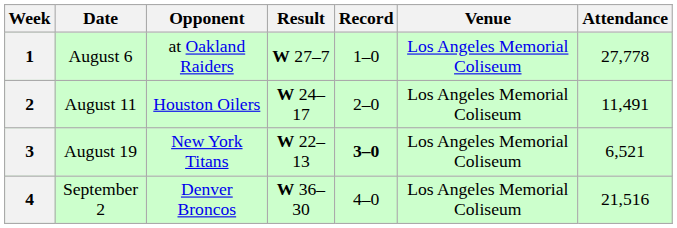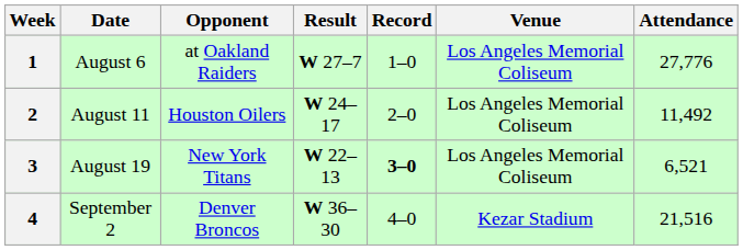 <table class="wikitable" style="text-align:center">
 <tr>
 <th>Week</th>
 <th>Date</th>
 <th>Opponent</th>
 <th>Result</th>
 <th>Record</th>
 <th>Venue</th>
 <th>Attendance</th>
 </tr>
 <tr style="background:#cfc">
 <th>1</th>
 <td>August 6</td>
 <td>at <a href='#'>Oakland Raiders</a></td>
 <td><strong>W</strong> 27–7</td>
 <td>1–0</td>
 <td><a href='#'>Los Angeles Memorial Coliseum</a></td>
-<td>27,778</td>
+<td>27,776</td>
 </tr>
 <tr style="background:#cfc">
 <th>2</th>
 <td>August 11</td>
 <td><a href='#'>Houston Oilers</a></td>
 <td><strong>W</strong> 24–17</td>
 <td>2–0</td>
 <td>Los Angeles Memorial Coliseum</td>
-<td>11,491</td>
+<td>11,492</td>
 </tr>
 <tr style="background:#cfc">
 <th>3</th>
 <td>August 19</td>
 <td><a href='#'>New York Titans</a></td>
 <td><strong>W</strong> 22–13</td>
 <td><strong>3–0</strong></td>
 <td>Los Angeles Memorial Coliseum</td>
 <td>6,521</td>
 </tr>
 <tr style="background:#cfc">
 <th>4</th>
 <td>September 2</td>
 <td><a href='#'>Denver Broncos</a></td>
 <td><strong>W</strong> 36–30</td>
 <td>4–0</td>
-<td>Los Angeles Memorial Coliseum</td>
+<td><a href='#'>Kezar Stadium</a></td>
 <td>21,516</td>
 </tr>
 </table>
